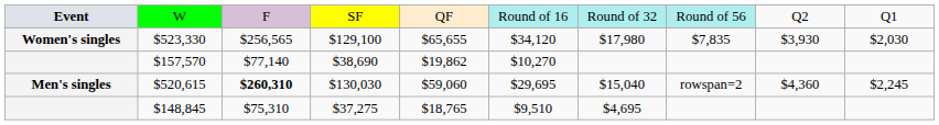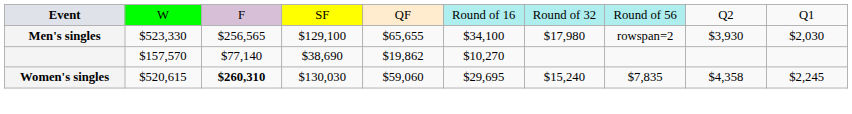 <table class=wikitable style=font-size:90%;text-align:center>
 <tr>
 <td style="width:130px; background:#dfe2e9;"><strong>Event</strong></td>
 <td style="width:80px; background:lime;">W</td>
 <td style="width:85px; background:thistle;">F</td>
 <td style="width:85px; background:#ff0;">SF</td>
 <td style="width:85px; background:#ffebcd;">QF</td>
 <td style="width:85px; background:#afeeee;">Round of 16</td>
 <td style="width:85px; background:#afeeee;">Round of 32</td>
 <td style="width:85px; background:#afeeee;">Round of 56</td>
 <td style="width:85px;">Q2</td>
 <td style="width:85px;">Q1</td>
 </tr>
 <tr>
-<td style="background:#f4f4f4;"><strong>Women's singles</strong></td>
+<td style="background:#f4f4f4;"><strong>Men's singles</strong></td>
 <td>$523,330</td>
 <td>$256,565</td>
 <td>$129,100</td>
 <td>$65,655</td>
-<td>$34,120</td>
+<td>$34,100</td>
 <td>$17,980</td>
-<td>$7,835</td>
+<td>rowspan=2 </td>
 <td>$3,930</td>
 <td>$2,030</td>
 </tr>
 <tr>
 <td style="background:#f4f4f4;"><strong></strong></td>
 <td>$157,570</td>
 <td>$77,140</td>
 <td>$38,690</td>
 <td>$19,862</td>
 <td>$10,270</td>
 <td></td>
 <td></td>
 <td></td>
 </tr>
 <tr>
-<td style="background:#f4f4f4;"><strong>Men's singles</strong></td>
+<td style="background:#f4f4f4;"><strong>Women's singles</strong></td>
 <td>$520,615</td>
 <td><strong>$260,310</strong></td>
 <td>$130,030</td>
 <td>$59,060</td>
 <td>$29,695</td>
-<td>$15,040</td>
-<td>rowspan=2 </td>
-<td>$4,360</td>
+<td>$15,240</td>
+<td>$7,835</td>
+<td>$4,358</td>
 <td>$2,245</td>
 </tr>
-<tr>
-<td style="background:#f4f4f4;"><strong></strong></td>
-<td>$148,845</td>
-<td>$75,310</td>
-<td>$37,275</td>
-<td>$18,765</td>
-<td>$9,510</td>
-<td>$4,695</td>
-<td></td>
-<td></td>
-<td></td>
-</tr>
 </table>
